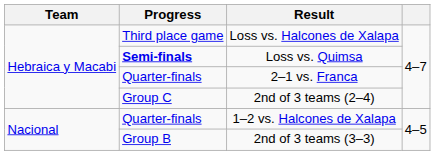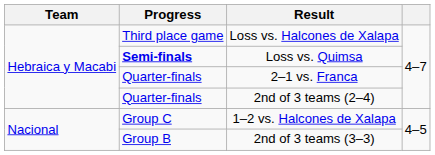 <table class="wikitable sortable">
 <tr>
 <th>Team</th>
 <th>Progress</th>
 <th>Result</th>
 <th></th>
 </tr>
 <tr>
 <td rowspan="4"><a href='#'>Hebraica y Macabi</a></td>
 <td><a href='#'>Third place game</a></td>
 <td style="text-align:center">Loss vs.  <a href='#'>Halcones de Xalapa</a></td>
 <td style="text-align:center" rowspan="4">4–7</td>
 </tr>
 <tr>
 <td><strong><a href='#'>Semi-finals</a></strong></td>
 <td style="text-align:center">Loss vs.  <a href='#'>Quimsa</a></td>
 </tr>
 <tr>
 <td><a href='#'>Quarter-finals</a></td>
 <td style="text-align:center">2–1 vs.  <a href='#'>Franca</a></td>
 </tr>
 <tr>
-<td><a href='#'>Group C</a></td>
+<td><a href='#'>Quarter-finals</a></td>
 <td style="text-align:center">2nd of 3 teams (2–4)</td>
 </tr>
 <tr>
 <td rowspan="2"><a href='#'>Nacional</a></td>
-<td><a href='#'>Quarter-finals</a></td>
+<td><a href='#'>Group C</a></td>
 <td style="text-align:center">1–2 vs.  <a href='#'>Halcones de Xalapa</a></td>
 <td style="text-align:center" rowspan="2">4–5</td>
 </tr>
 <tr>
 <td><a href='#'>Group B</a></td>
 <td style="text-align:center">2nd of 3 teams (3–3)</td>
 </tr>
 </table>
